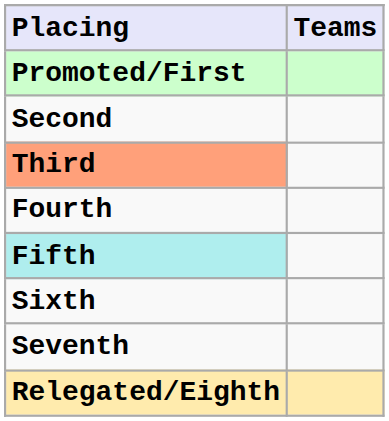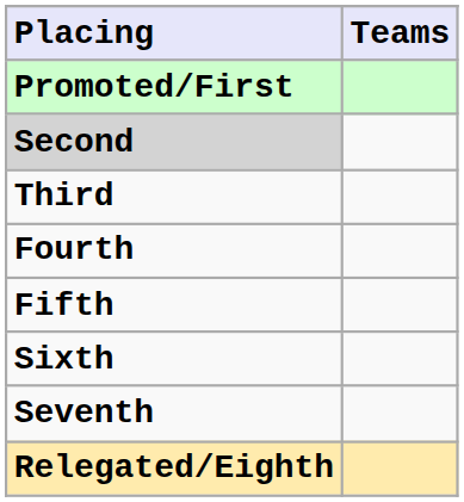 <table class=wikitable>
 <tr>
 </tr>
 <tr style="background: #E6E6FA;">
 <td><strong>Placing</strong></td>
 <td colspan="2" style="text-align:center"><strong>Teams</strong></td>
 </tr>
 <tr style="background: #ccffcc;">
 <td><strong>Promoted/First</strong></td>
 <td><strong></strong></td>
 </tr>
 <tr>
-<td><strong>Second</strong></td>
+<td style="background: lightgrey;"><strong>Second</strong></td>
 <td></td>
 </tr>
 <tr>
-<td style="background: lightsalmon;"><strong>Third</strong></td>
+<td><strong>Third</strong></td>
 <td></td>
 </tr>
 <tr>
 <td><strong>Fourth</strong></td>
 <td></td>
 </tr>
 <tr>
-<td style="background: paleturquoise;"><strong>Fifth</strong></td>
+<td><strong>Fifth</strong></td>
 <td></td>
 </tr>
 <tr>
 <td><strong>Sixth</strong></td>
 <td></td>
 </tr>
 <tr>
 <td><strong>Seventh</strong></td>
 <td></td>
 </tr>
 <tr style="background: #ffebad;">
 <td><strong>Relegated/Eighth</strong></td>
 <td><em></em></td>
 </tr>
 </table>
